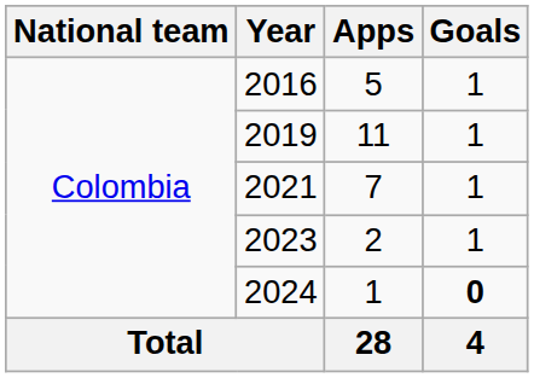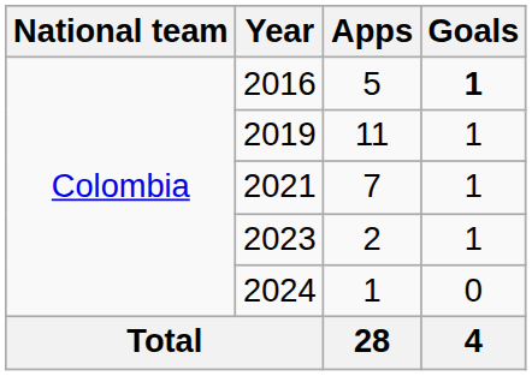 <table class=wikitable style=text-align:center>
 <tr>
 <th>National team</th>
 <th>Year</th>
 <th>Apps</th>
 <th>Goals</th>
 </tr>
 <tr>
 <td rowspan="5"><a href='#'>Colombia</a></td>
 <td>2016</td>
 <td>5</td>
-<td>1</td>
+<td><strong>1</strong></td>
 </tr>
 <tr>
 <td>2019</td>
 <td>11</td>
 <td>1</td>
 </tr>
 <tr>
 <td>2021</td>
 <td>7</td>
 <td>1</td>
 </tr>
 <tr>
 <td>2023</td>
 <td>2</td>
 <td>1</td>
 </tr>
 <tr>
 <td>2024</td>
 <td>1</td>
-<td><strong>0</strong></td>
+<td>0</td>
 </tr>
 <tr>
 <th colspan="2">Total</th>
 <th>28</th>
 <th>4</th>
 </tr>
 </table>
